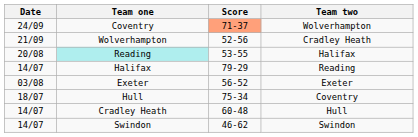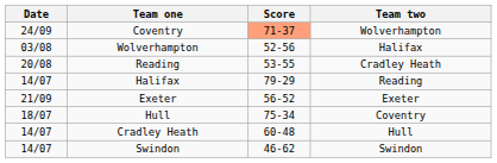 <table class="wikitable" style="text-align: center">
 <tr>
 <th width=80>Date</th>
 <th width=250>Team one</th>
 <th width=80>Score</th>
 <th width=250>Team two</th>
 </tr>
 <tr>
 <td>24/09</td>
 <td>Coventry</td>
 <td style="background: lightsalmon;">71-37</td>
 <td>Wolverhampton</td>
 </tr>
 <tr>
-<td>21/09</td>
+<td>03/08</td>
 <td>Wolverhampton</td>
 <td>52-56</td>
-<td>Cradley Heath</td>
+<td>Halifax</td>
 </tr>
 <tr>
 <td>20/08</td>
-<td style="background: paleturquoise;">Reading</td>
+<td>Reading</td>
 <td>53-55</td>
-<td>Halifax</td>
+<td>Cradley Heath</td>
 </tr>
 <tr>
 <td>14/07</td>
 <td>Halifax</td>
 <td>79-29</td>
 <td>Reading</td>
 </tr>
 <tr>
-<td>03/08</td>
+<td>21/09</td>
 <td>Exeter</td>
 <td>56-52</td>
 <td>Exeter</td>
 </tr>
 <tr>
 <td>18/07</td>
 <td>Hull</td>
 <td>75-34</td>
 <td>Coventry</td>
 </tr>
 <tr>
 <td>14/07</td>
 <td>Cradley Heath</td>
 <td>60-48</td>
 <td>Hull</td>
 </tr>
 <tr>
 <td>14/07</td>
 <td>Swindon</td>
 <td>46-62</td>
 <td>Swindon</td>
 </tr>
 </table>
